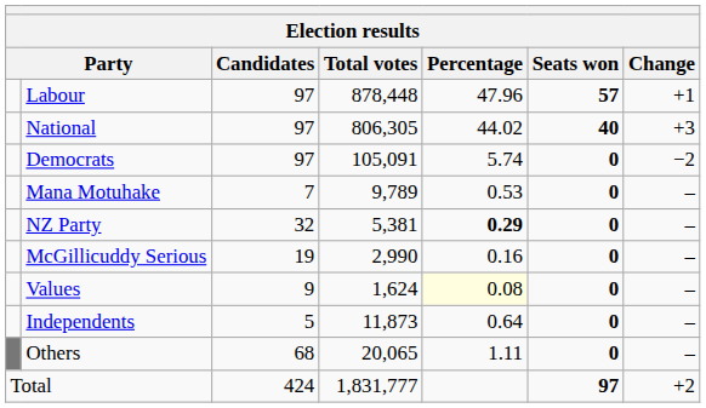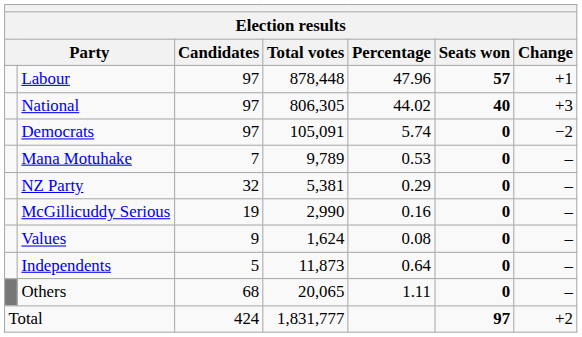 <table class="wikitable" style="text-align:right">
 <tr>
 <th colspan=7></th>
 </tr>
 <tr>
 <th colspan=7>Election results</th>
 </tr>
 <tr>
 <th colspan=2>Party</th>
 <th>Candidates</th>
 <th>Total votes</th>
 <th>Percentage</th>
 <th>Seats won</th>
 <th>Change</th>
 </tr>
 <tr>
 <td width=5 bgcolor=></td>
 <td align=left><a href='#'>Labour</a></td>
 <td>97</td>
 <td>878,448</td>
 <td>47.96</td>
 <td><strong>57</strong></td>
 <td>+1</td>
 </tr>
 <tr>
 <td bgcolor=></td>
 <td align=left><a href='#'>National</a></td>
 <td>97</td>
 <td>806,305</td>
 <td>44.02</td>
 <td><strong>40</strong></td>
 <td>+3</td>
 </tr>
 <tr>
 <td bgcolor=></td>
 <td align=left><a href='#'>Democrats</a></td>
 <td>97</td>
 <td>105,091</td>
 <td>5.74</td>
 <td><strong>0</strong></td>
 <td>−2</td>
 </tr>
 <tr>
 <td bgcolor=></td>
 <td align=left><a href='#'>Mana Motuhake</a></td>
 <td>7</td>
 <td>9,789</td>
 <td>0.53</td>
 <td><strong>0</strong></td>
 <td>–</td>
 </tr>
 <tr>
 <td bgcolor=></td>
 <td align=left><a href='#'>NZ Party</a></td>
 <td>32</td>
 <td>5,381</td>
-<td><strong>0.29</strong></td>
+<td>0.29</td>
 <td><strong>0</strong></td>
 <td>–</td>
 </tr>
 <tr>
 <td bgcolor=></td>
 <td align=left><a href='#'>McGillicuddy Serious</a></td>
 <td>19</td>
 <td>2,990</td>
 <td>0.16</td>
 <td><strong>0</strong></td>
 <td>–</td>
 </tr>
 <tr>
 <td bgcolor=></td>
 <td align=left><a href='#'>Values</a></td>
 <td>9</td>
 <td>1,624</td>
-<td style="background: lightyellow;">0.08</td>
+<td>0.08</td>
 <td><strong>0</strong></td>
 <td>–</td>
 </tr>
 <tr>
 <td bgcolor=></td>
 <td align=left><a href='#'>Independents</a></td>
 <td>5</td>
 <td>11,873</td>
 <td>0.64</td>
 <td><strong>0</strong></td>
 <td>–</td>
 </tr>
 <tr>
 <td bgcolor=#777777></td>
 <td align=left>Others</td>
 <td>68</td>
 <td>20,065</td>
 <td>1.11</td>
 <td><strong>0</strong></td>
 <td>–</td>
 </tr>
 <tr bgcolor=>
 <td colspan=2 align=left>Total</td>
 <td>424</td>
 <td>1,831,777</td>
 <td></td>
 <td><strong>97</strong></td>
 <td>+2</td>
 </tr>
 </table>
